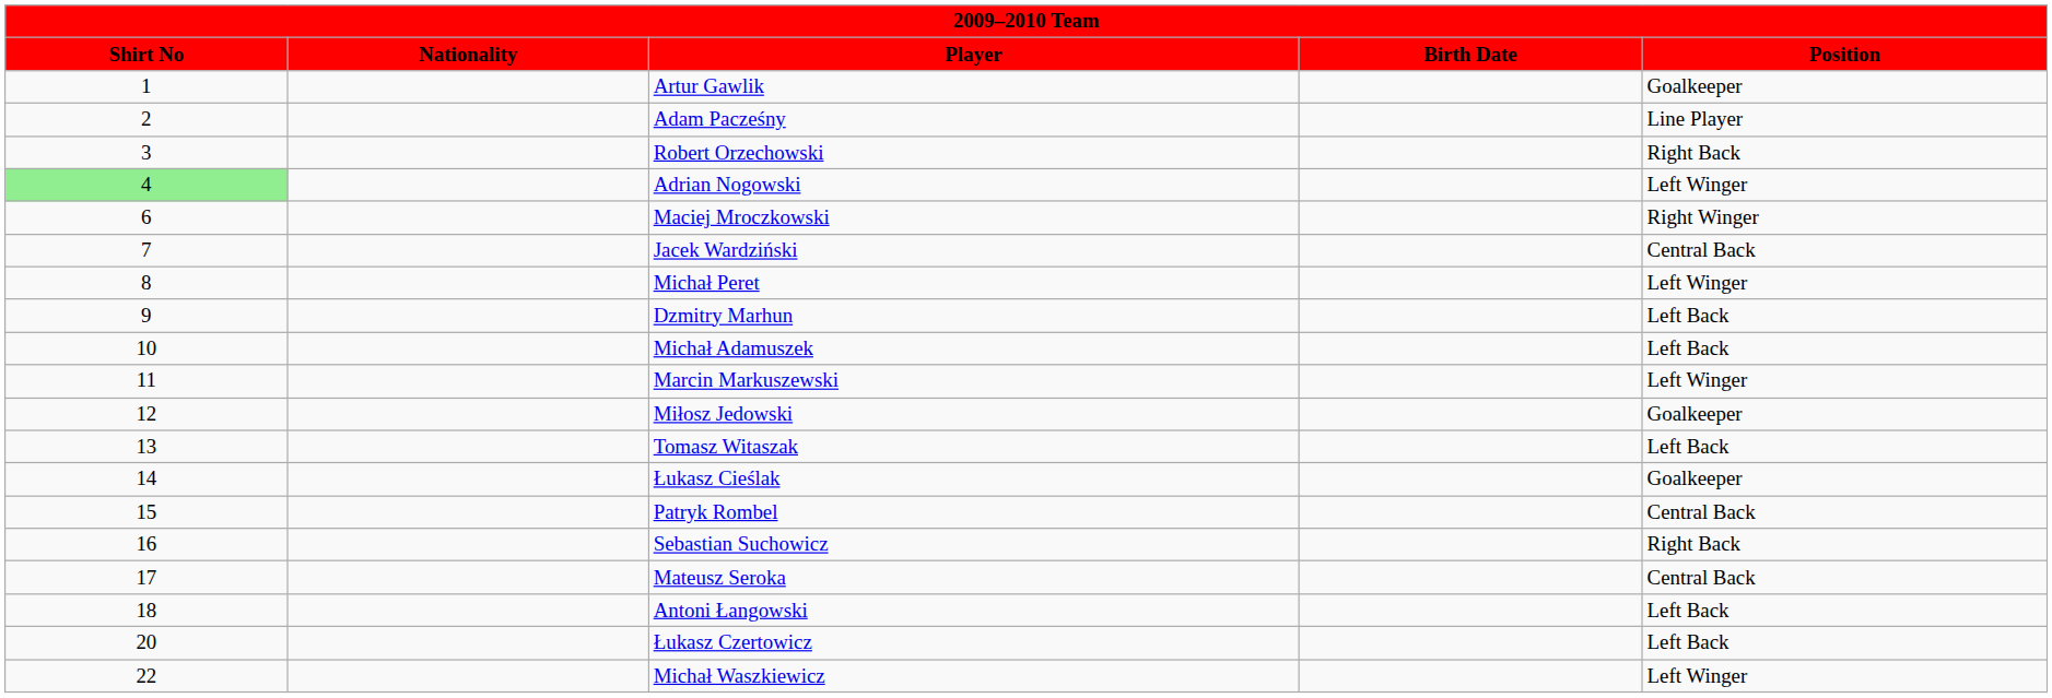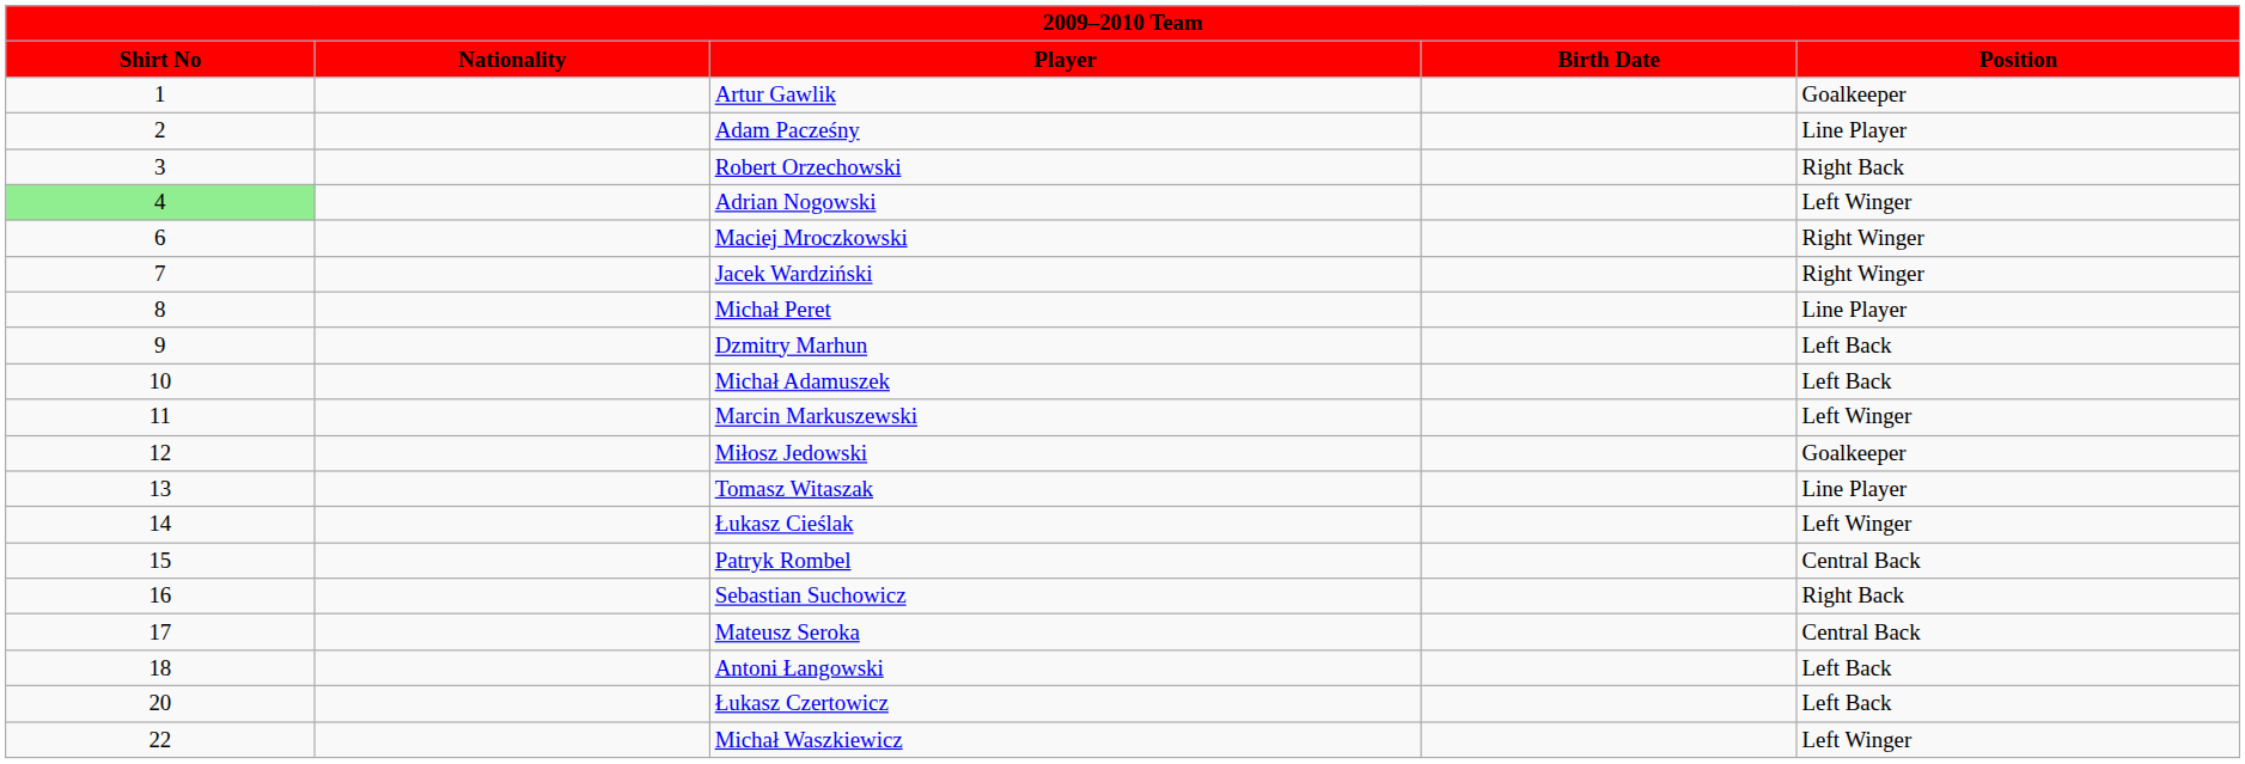 <table class="wikitable collapsible collapsed" style="width:100%">
 <tr>
 <th colspan=5 style="background-color:#FF0000;color:#000000;text-align:center;"> <strong>2009–2010 Team</strong></th>
 </tr>
 <tr>
 <th style="color:#000000; background:#FF0000">Shirt No</th>
 <th style="color:#000000; background:#FF0000">Nationality</th>
 <th style="color:#000000; background:#FF0000">Player</th>
 <th style="color:#000000; background:#FF0000">Birth Date</th>
 <th style="color:#000000; background:#FF0000">Position</th>
 </tr>
 <tr>
 <td align=center>1</td>
 <td></td>
 <td><a href='#'>Artur Gawlik</a></td>
 <td></td>
 <td>Goalkeeper</td>
 </tr>
 <tr>
 <td align=center>2</td>
 <td></td>
 <td><a href='#'>Adam Pacześny</a></td>
 <td></td>
 <td>Line Player</td>
 </tr>
 <tr>
 <td align=center>3</td>
 <td></td>
 <td><a href='#'>Robert Orzechowski</a></td>
 <td></td>
 <td>Right Back</td>
 </tr>
 <tr>
 <td align=center style="background: lightgreen;">4</td>
 <td></td>
 <td><a href='#'>Adrian Nogowski</a></td>
 <td></td>
 <td>Left Winger</td>
 </tr>
 <tr>
 <td align=center>6</td>
 <td></td>
 <td><a href='#'>Maciej Mroczkowski</a></td>
 <td></td>
 <td>Right Winger</td>
 </tr>
 <tr>
 <td align=center>7</td>
 <td></td>
 <td><a href='#'>Jacek Wardziński</a></td>
 <td></td>
-<td>Central Back</td>
+<td>Right Winger</td>
 </tr>
 <tr>
 <td align=center>8</td>
 <td></td>
 <td><a href='#'>Michał Peret</a></td>
 <td></td>
-<td>Left Winger</td>
+<td>Line Player</td>
 </tr>
 <tr>
 <td align=center>9</td>
 <td></td>
 <td><a href='#'>Dzmitry Marhun</a></td>
 <td></td>
 <td>Left Back</td>
 </tr>
 <tr>
 <td align=center>10</td>
 <td></td>
 <td><a href='#'>Michał Adamuszek</a></td>
 <td></td>
 <td>Left Back</td>
 </tr>
 <tr>
 <td align=center>11</td>
 <td></td>
 <td><a href='#'>Marcin Markuszewski</a></td>
 <td></td>
 <td>Left Winger</td>
 </tr>
 <tr>
 <td align=center>12</td>
 <td></td>
 <td><a href='#'>Miłosz Jedowski</a></td>
 <td></td>
 <td>Goalkeeper</td>
 </tr>
 <tr>
 <td align=center>13</td>
 <td></td>
 <td><a href='#'>Tomasz Witaszak</a></td>
 <td></td>
-<td>Left Back</td>
+<td>Line Player</td>
 </tr>
 <tr>
 <td align=center>14</td>
 <td></td>
 <td><a href='#'>Łukasz Cieślak</a></td>
 <td></td>
-<td>Goalkeeper</td>
+<td>Left Winger</td>
 </tr>
 <tr>
 <td align=center>15</td>
 <td></td>
 <td><a href='#'>Patryk Rombel</a></td>
 <td></td>
 <td>Central Back</td>
 </tr>
 <tr>
 <td align=center>16</td>
 <td></td>
 <td><a href='#'>Sebastian Suchowicz</a></td>
 <td></td>
 <td>Right Back</td>
 </tr>
 <tr>
 <td align=center>17</td>
 <td></td>
 <td><a href='#'>Mateusz Seroka</a></td>
 <td></td>
 <td>Central Back</td>
 </tr>
 <tr>
 <td align=center>18</td>
 <td></td>
 <td><a href='#'>Antoni Łangowski</a></td>
 <td></td>
 <td>Left Back</td>
 </tr>
 <tr>
 <td align=center>20</td>
 <td></td>
 <td><a href='#'>Łukasz Czertowicz</a></td>
 <td></td>
 <td>Left Back</td>
 </tr>
 <tr>
 <td align=center>22</td>
 <td></td>
 <td><a href='#'>Michał Waszkiewicz</a></td>
 <td></td>
 <td>Left Winger</td>
 </tr>
 </table>
